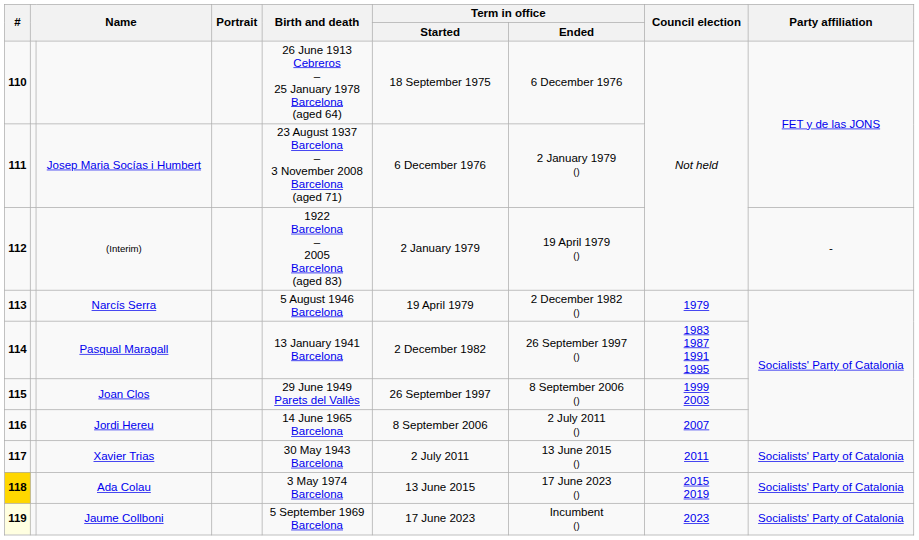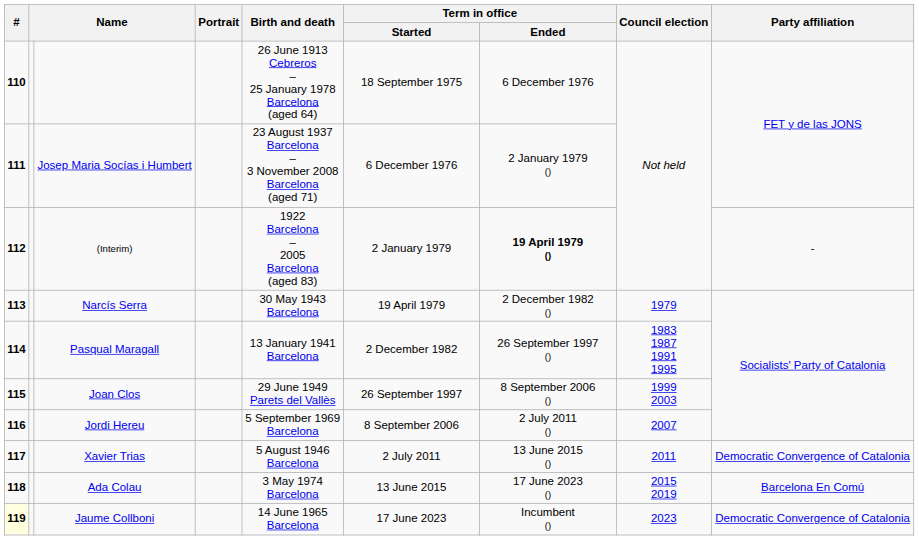 <table style="text-align:center; width:100%" class="wikitable">
 <tr>
 <th rowspan="2"><strong>#</strong></th>
 <th colspan="2" rowspan="2">Name</th>
 <th rowspan="2">Portrait</th>
 <th rowspan="2">Birth and death</th>
 <th colspan="2"><strong>Term in office</strong></th>
 <th rowspan="2">Council election</th>
 <th rowspan="2">Party affiliation</th>
 </tr>
 <tr>
 <th width="15%">Started</th>
 <th width="15%">Ended</th>
 </tr>
 <tr>
 <td><strong>110</strong></td>
 <td style="background:"></td>
 <td></td>
 <td></td>
 <td>26 June 1913<br><a href='#'>Cebreros</a><br>–<br>25 January 1978<br><a href='#'>Barcelona</a><br>(aged 64)</td>
 <td>18 September 1975</td>
 <td>6 December 1976</td>
 <td rowspan="3"><em>Not held</em></td>
 <td rowspan="2"><a href='#'>FET y de las JONS</a></td>
 </tr>
 <tr>
 <td><strong>111</strong></td>
 <td></td>
 <td><a href='#'>Josep Maria Socías i Humbert</a></td>
 <td></td>
 <td>23 August 1937<br><a href='#'>Barcelona</a><br>–<br>3 November 2008<br><a href='#'>Barcelona</a><br>(aged 71)</td>
 <td>6 December 1976</td>
 <td>2 January 1979<br><small>()</small></td>
 </tr>
 <tr>
 <td><strong>112</strong></td>
 <td></td>
 <td> <small>(Interim)</small></td>
 <td></td>
 <td>1922<br><a href='#'>Barcelona</a><br>–<br>2005<br><a href='#'>Barcelona</a><br>(aged 83)</td>
 <td>2 January 1979</td>
-<td>19 April 1979<br><small>()</small></td>
+<td><strong>19 April 1979<br><small>()</small></strong></td>
 <td>-</td>
 </tr>
 <tr>
 <td><strong>113</strong></td>
 <td style="background:"></td>
 <td><a href='#'>Narcís Serra</a></td>
 <td></td>
-<td>5 August 1946<br><a href='#'>Barcelona</a></td>
+<td>30 May 1943<br><a href='#'>Barcelona</a></td>
 <td>19 April 1979</td>
 <td>2 December 1982<br><small>()</small></td>
 <td><a href='#'>1979</a></td>
 <td rowspan="4"><a href='#'>Socialists' Party of Catalonia</a></td>
 </tr>
 <tr>
 <td><strong>114</strong></td>
 <td style="background:"></td>
 <td><a href='#'>Pasqual Maragall</a></td>
 <td></td>
 <td>13 January 1941<br><a href='#'>Barcelona</a></td>
 <td>2 December 1982</td>
 <td>26 September 1997<br><small>()</small></td>
 <td><a href='#'>1983</a><br><a href='#'>1987</a><br><a href='#'>1991</a><br><a href='#'>1995</a></td>
 </tr>
 <tr>
 <td><strong>115</strong></td>
 <td style="background:"></td>
 <td><a href='#'>Joan Clos</a></td>
 <td></td>
 <td>29 June 1949<br><a href='#'>Parets del Vallès</a></td>
 <td>26 September 1997</td>
 <td>8 September 2006<br><small>()</small></td>
 <td><a href='#'>1999</a><br><a href='#'>2003</a></td>
 </tr>
 <tr>
 <td><strong>116</strong></td>
 <td style="background:"></td>
 <td><a href='#'>Jordi Hereu</a></td>
 <td></td>
-<td>14 June 1965<br><a href='#'>Barcelona</a></td>
+<td>5 September 1969<br><a href='#'>Barcelona</a></td>
 <td>8 September 2006</td>
 <td>2 July 2011<br><small>()</small></td>
 <td><a href='#'>2007</a></td>
 </tr>
 <tr>
 <td><strong>117</strong></td>
 <td style="background:"></td>
 <td><a href='#'>Xavier Trias</a></td>
 <td></td>
-<td>30 May 1943<br><a href='#'>Barcelona</a></td>
+<td>5 August 1946<br><a href='#'>Barcelona</a></td>
 <td>2 July 2011</td>
 <td>13 June 2015<br><small>()</small></td>
 <td><a href='#'>2011</a></td>
-<td><a href='#'>Socialists' Party of Catalonia</a></td>
+<td><a href='#'>Democratic Convergence of Catalonia</a></td>
 </tr>
 <tr>
-<td style="background: gold;"><strong>118</strong></td>
+<td><strong>118</strong></td>
 <td style="background:"></td>
 <td><a href='#'>Ada Colau</a></td>
 <td></td>
 <td>3 May 1974<br><a href='#'>Barcelona</a></td>
 <td>13 June 2015</td>
 <td>17 June 2023<br><small>()</small></td>
 <td><a href='#'>2015</a><br><a href='#'>2019</a></td>
-<td><a href='#'>Socialists' Party of Catalonia</a></td>
+<td><a href='#'>Barcelona En Comú</a></td>
 </tr>
 <tr>
 <td style="background: lightyellow;"><strong>119</strong></td>
 <td style="background:"></td>
 <td><a href='#'>Jaume Collboni</a></td>
 <td></td>
-<td>5 September 1969<br><a href='#'>Barcelona</a></td>
+<td>14 June 1965<br><a href='#'>Barcelona</a></td>
 <td>17 June 2023</td>
 <td>Incumbent<br><small>()</small></td>
 <td><a href='#'>2023</a></td>
-<td><a href='#'>Socialists' Party of Catalonia</a></td>
+<td><a href='#'>Democratic Convergence of Catalonia</a></td>
 </tr>
 </table>
